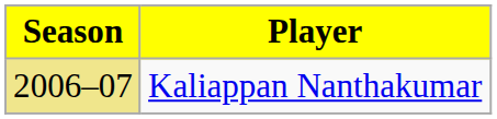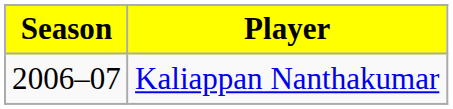 <table class="wikitable">
 <tr>
 <th style="background:yellow; color:Black; text-align:center;">Season</th>
 <th style="background:yellow; color:Black; text-align:center;">Player</th>
 </tr>
 <tr>
-<td style="background: khaki; text-align:center">2006–07</td>
+<td style="text-align:center">2006–07</td>
 <td> <a href='#'>Kaliappan Nanthakumar</a></td>
 </tr>
 </table>
